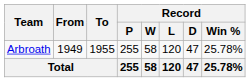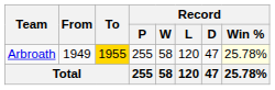 <table class="wikitable" style="text-align:center">
 <tr>
 <th rowspan="2">Team</th>
 <th rowspan="2">From</th>
 <th rowspan="2">To</th>
 <th colspan="5">Record</th>
 </tr>
 <tr>
 <th>P</th>
 <th>W</th>
 <th>L</th>
 <th>D</th>
 <th>Win %</th>
 </tr>
 <tr>
 <td><a href='#'>Arbroath</a></td>
 <td>1949</td>
-<td>1955</td>
+<td style="background: gold;">1955</td>
 <td>255</td>
 <td>58</td>
 <td>120</td>
 <td>47</td>
-<td>25.78%</td>
+<td style="background: lightyellow;">25.78%</td>
 </tr>
 <tr>
 <th colspan="3">Total</th>
 <th>255</th>
 <th>58</th>
 <th>120</th>
 <th>47</th>
 <th>25.78%</th>
 </tr>
 </table>
